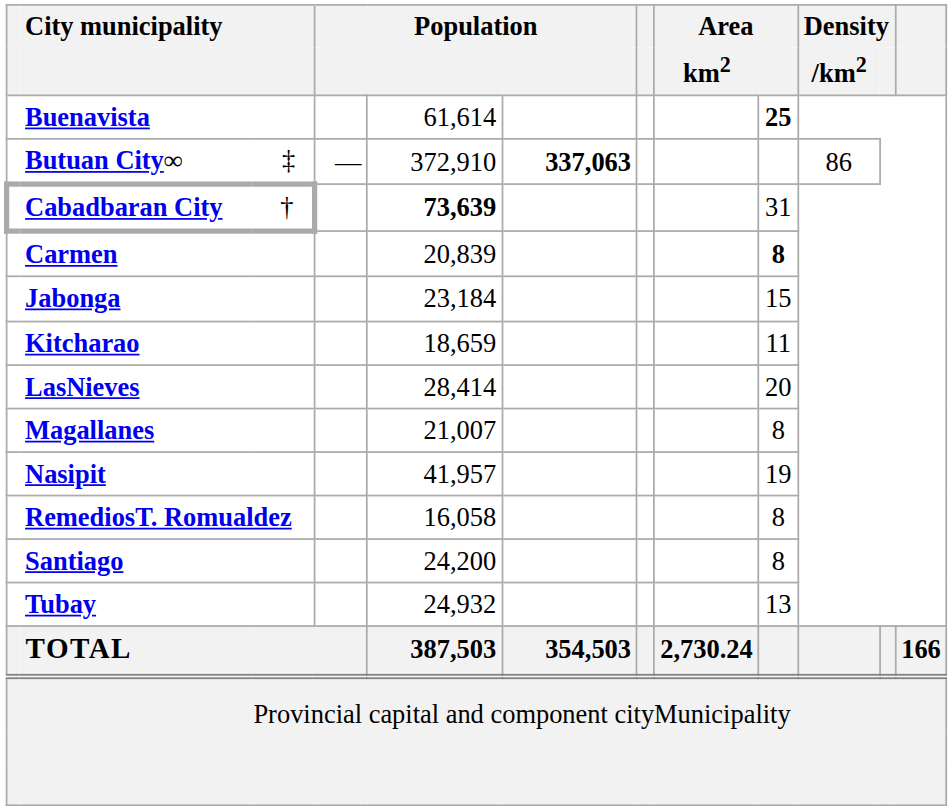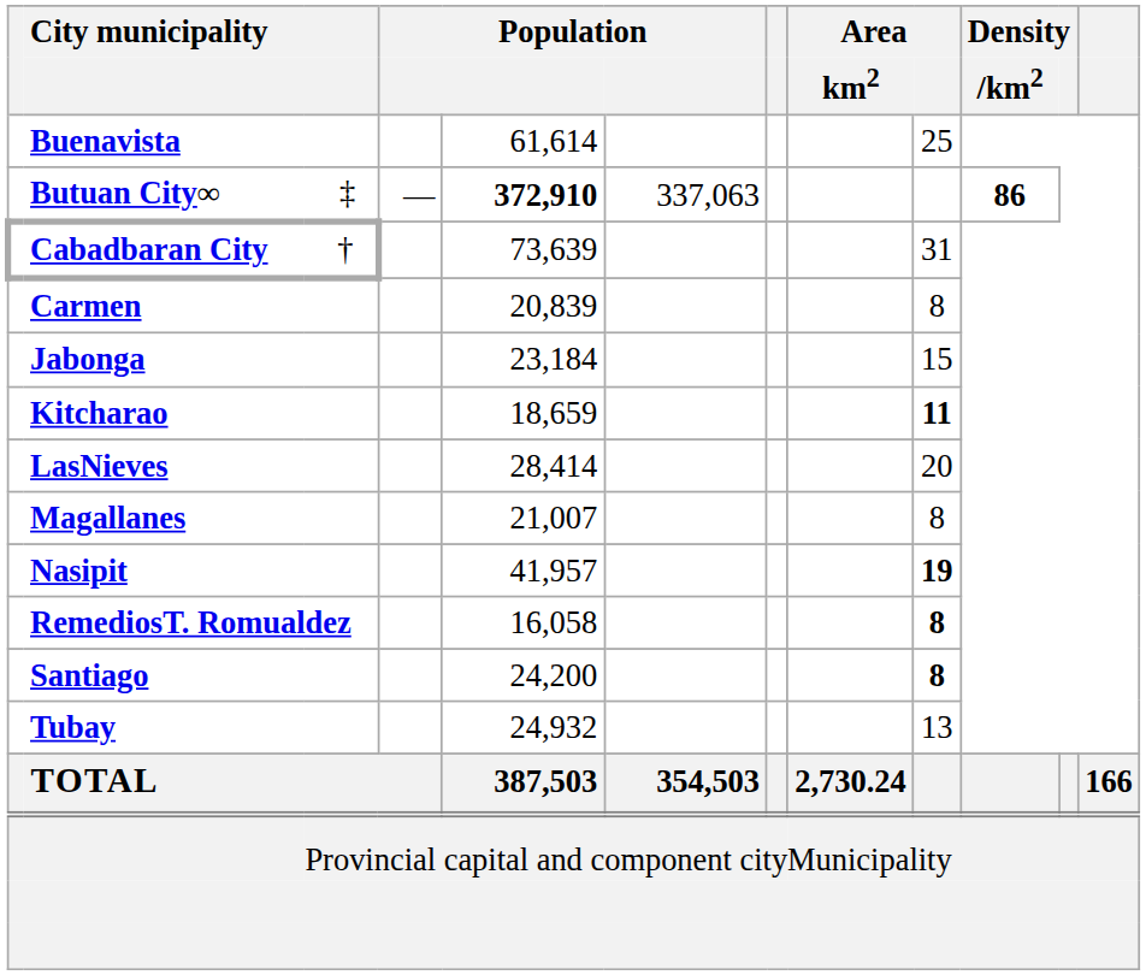 <table class="wikitable sortable" style="table-layout:fixed;text-align:right;background:white;font-size:95%;border-collapse:collapse;">
 <tr style="vertical-align:top;white-space:nowrap;">
 <th scope="col" style="border-width:thin 0 0 thin;" class="unsortable" rowspan="2"></th>
 <th scope="col" style="border-width:thin 0 0 0;text-align:left;padding-right:1.5em;" class="unsortable" colspan="2">City  municipality</th>
 <th scope="col" style="border-bottom:0;text-align:center;" class="unsortable" colspan="3">Population</th>
 <th scope="col" style="border-bottom:0;text-align:center;" class="unsortable"></th>
 <th scope="col" style="border-bottom:0;text-align:center;" class="unsortable" colspan="2">Area</th>
 <th scope="col" style="border-bottom:0;text-align:center;" class="unsortable" colspan="2">Density</th>
 <th scope="col" style="border-bottom:0;text-align:center;" class="unsortable"></th>
 </tr>
 <tr>
 <th style="border-width:0 thin thin 0;" colspan="2"></th>
 <th style="border-width:0 0 thin thin;text-align:center;" colspan="2"></th>
 <th style="border-width:0 thin thin 0;text-align:center;"></th>
 <th style="border-top:0;"></th>
 <th style="border-width:0 0 thin thin;text-align:center;">km<sup>2</sup></th>
 <th style="border-width:0 thin thin 0;text-align:center;" class="unsortable"></th>
 <th style="border-width:0 0 thin thin;text-align:center;">/km<sup>2</sup></th>
 <th style="border-width:0 thin thin 0;text-align:center;" class="unsortable"></th>
 <th style="border-top:0;"></th>
 </tr>
 <tr>
 <th scope="row" style="border-right:0;background:initial;"></th>
 <td style="text-align:left;font-weight:bold;border-left:0;" colspan="2"><a href='#'>Buenavista</a></td>
 <td></td>
 <td>61,614</td>
 <td></td>
 <td></td>
 <td></td>
-<td style="text-align:center;"><strong>25</strong></td>
+<td style="text-align:center;">25</td>
 </tr>
 <tr>
 <th scope="row" style="border-right:0;background:initial;"></th>
 <td style="text-align:left;font-weight:bold;border-width:thin 0;"><a href='#'>Butuan City</a>∞</td>
 <td style="border-left:0;padding-right:0.7em;">‡</td>
 <td>—</td>
-<td>372,910</td>
-<td><strong>337,063</strong></td>
+<td><strong>372,910</strong></td>
+<td>337,063</td>
 <td></td>
 <td></td>
 <td></td>
-<td style="text-align:center;">86</td>
+<td style="text-align:center;"><strong>86</strong></td>
 </tr>
 <tr>
 <th scope="row" style="border-width:medium 0 medium medium;background:initial;"></th>
 <td style="text-align:left;font-weight:bold;border-width:medium 0 medium;"><a href='#'>Cabadbaran City</a></td>
 <td style="border-width:medium medium medium 0;padding-right:0.7em;">†</td>
 <td></td>
-<td><strong>73,639</strong></td>
+<td>73,639</td>
 <td></td>
 <td></td>
 <td></td>
 <td style="text-align:center;">31</td>
 </tr>
 <tr>
 <th scope="row" style="border-right:0;background:initial;"></th>
 <td style="text-align:left;font-weight:bold;border-left:0;" colspan="2"><a href='#'>Carmen</a></td>
 <td></td>
 <td>20,839</td>
 <td></td>
 <td></td>
 <td></td>
-<td style="text-align:center;"><strong>8</strong></td>
+<td style="text-align:center;">8</td>
 </tr>
 <tr>
 <th scope="row" style="border-right:0;background:initial;"></th>
 <td style="text-align:left;font-weight:bold;border-left:0;" colspan="2"><a href='#'>Jabonga</a></td>
 <td></td>
 <td>23,184</td>
 <td></td>
 <td></td>
 <td></td>
 <td style="text-align:center;">15</td>
 </tr>
 <tr>
 <th scope="row" style="border-right:0;background:initial;"></th>
 <td style="text-align:left;font-weight:bold;border-left:0;" colspan="2"><a href='#'>Kitcharao</a></td>
 <td></td>
 <td>18,659</td>
 <td></td>
 <td></td>
 <td></td>
-<td style="text-align:center;">11</td>
+<td style="text-align:center;"><strong>11</strong></td>
 </tr>
 <tr>
 <th scope="row" style="border-right:0;background:initial;"></th>
 <td style="text-align:left;font-weight:bold;border-left:0;" colspan="2"><a href='#'>LasNieves</a></td>
 <td></td>
 <td>28,414</td>
 <td></td>
 <td></td>
 <td></td>
 <td style="text-align:center;">20</td>
 </tr>
 <tr>
 <th scope="row" style="border-right:0;background:initial;"></th>
 <td style="text-align:left;font-weight:bold;border-left:0;" colspan="2"><a href='#'>Magallanes</a></td>
 <td></td>
 <td>21,007</td>
 <td></td>
 <td></td>
 <td></td>
 <td style="text-align:center;">8</td>
 </tr>
 <tr>
 <th scope="row" style="border-right:0;background:initial;"></th>
 <td style="text-align:left;font-weight:bold;border-left:0;" colspan="2"><a href='#'>Nasipit</a></td>
 <td></td>
 <td>41,957</td>
 <td></td>
 <td></td>
 <td></td>
-<td style="text-align:center;">19</td>
+<td style="text-align:center;"><strong>19</strong></td>
 </tr>
 <tr>
 <th scope="row" style="border-right:0;background:initial;"></th>
 <td style="text-align:left;font-weight:bold;border-left:0;" colspan="2"><a href='#'>RemediosT. Romualdez</a></td>
 <td></td>
 <td>16,058</td>
 <td></td>
 <td></td>
 <td></td>
-<td style="text-align:center;">8</td>
+<td style="text-align:center;"><strong>8</strong></td>
 </tr>
 <tr>
 <th scope="row" style="border-right:0;background:initial;"></th>
 <td style="text-align:left;font-weight:bold;border-left:0;" colspan="2"><a href='#'>Santiago</a></td>
 <td></td>
 <td>24,200</td>
 <td></td>
 <td></td>
 <td></td>
-<td style="text-align:center;">8</td>
+<td style="text-align:center;"><strong>8</strong></td>
 </tr>
 <tr>
 <th scope="row" style="border-right:0;background:initial;"></th>
 <td style="text-align:left;font-weight:bold;border-left:0;" colspan="2"><a href='#'>Tubay</a></td>
 <td></td>
 <td>24,932</td>
 <td></td>
 <td></td>
 <td></td>
 <td style="text-align:center;">13</td>
 </tr>
 <tr class="sortbottom">
 <th scope="row" style="border-right:0;"></th>
 <th colspan="3" style="border-left:0;text-align:left;font-size:110%;letter-spacing:0.05em;">TOTAL</th>
 <th style="text-align:right;">387,503</th>
 <th style="text-align:right;">354,503</th>
 <th style="text-align:right;"></th>
 <th style="text-align:right;">2,730.24</th>
 <th></th>
 <th style="text-align:right;"></th>
 <th style="text-align:right;"></th>
 <th style="text-align:center;">166</th>
 </tr>
 <tr class="sortbottom" style="background:#F2F2F2;line-height:1.3em;border-top:double grey;white-space:nowrap;">
 <td colspan="2" style="border-width:thin 0 0 thin;"></td>
 <td colspan="5" style="border-width:thin 0 0 0;text-align:center;padding:0.7em 0 0 0;">Provincial capital and component city</td>
 <td colspan="6" style="border-width:thin 0 0 0;text-align:left;padding:0.7em 0 0 0;">Municipality</td>
 </tr>
 <tr class="sortbottom" style="background:#F2F2F2;line-height:1.3em;">
 <td colspan="13" style="border-width:0 thin;text-align:center;padding:0;"><br></td>
 </tr>
 <tr class="sortbottom" style="background:#F2F2F2;line-height:1.3em;font-size:110%;">
 <td colspan="13" style="border-top:0;text-align:left;padding:0 11em;"><br></td>
 </tr>
 </table>
